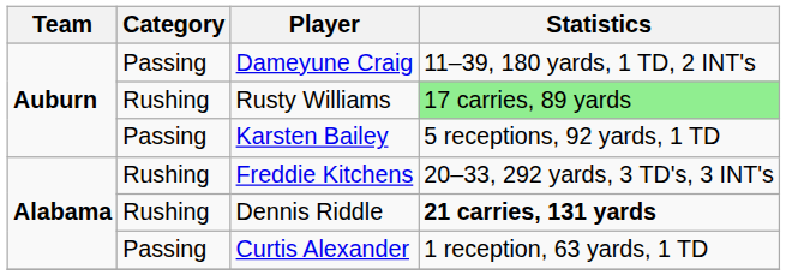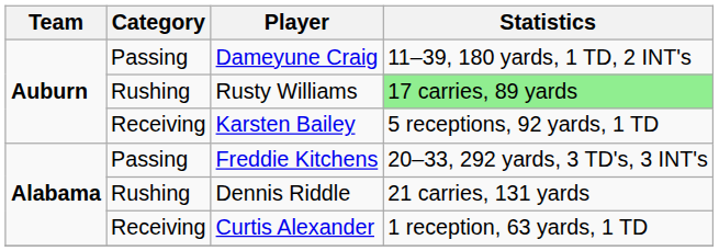 <table class="wikitable" style="float: right;">
 <tr>
 <th>Team</th>
 <th>Category</th>
 <th>Player</th>
 <th>Statistics</th>
 </tr>
 <tr>
 <td rowspan=3><strong>Auburn</strong></td>
 <td>Passing</td>
 <td><a href='#'>Dameyune Craig</a></td>
 <td>11–39, 180 yards, 1 TD, 2 INT's</td>
 </tr>
 <tr>
 <td>Rushing</td>
 <td>Rusty Williams</td>
 <td style="background: lightgreen;">17 carries, 89 yards</td>
 </tr>
 <tr>
-<td>Passing</td>
+<td>Receiving</td>
 <td><a href='#'>Karsten Bailey</a></td>
 <td>5 receptions, 92 yards, 1 TD</td>
 </tr>
 <tr>
 <td rowspan=3><strong>Alabama</strong></td>
-<td>Rushing</td>
+<td>Passing</td>
 <td><a href='#'>Freddie Kitchens</a></td>
 <td>20–33, 292 yards, 3 TD's, 3 INT's</td>
 </tr>
 <tr>
 <td>Rushing</td>
 <td>Dennis Riddle</td>
-<td><strong>21 carries, 131 yards</strong></td>
+<td>21 carries, 131 yards</td>
 </tr>
 <tr>
-<td>Passing</td>
+<td>Receiving</td>
 <td><a href='#'>Curtis Alexander</a></td>
 <td>1 reception, 63 yards, 1 TD</td>
 </tr>
 <tr>
 </tr>
 </table>
